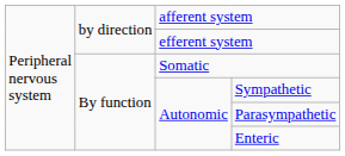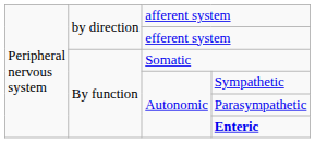 <table class = "wikitable" style = "margin-left:15px">
 <tr>
 <td rowspan=6>Peripheral <br> nervous <br> system</td>
 <td rowspan=2>by direction</td>
 <td colspan=2><a href='#'>afferent system</a></td>
 </tr>
 <tr>
 <td colspan=2><a href='#'>efferent system</a></td>
 </tr>
 <tr>
 <td rowspan=4>By function</td>
 <td colspan=2><a href='#'>Somatic</a></td>
 </tr>
 <tr>
 <td rowspan=3><a href='#'>Autonomic</a></td>
 <td><a href='#'>Sympathetic</a></td>
 </tr>
 <tr>
 <td><a href='#'>Parasympathetic</a></td>
 </tr>
 <tr>
-<td><a href='#'>Enteric</a></td>
+<td><strong><a href='#'>Enteric</a></strong></td>
 </tr>
 </table>
